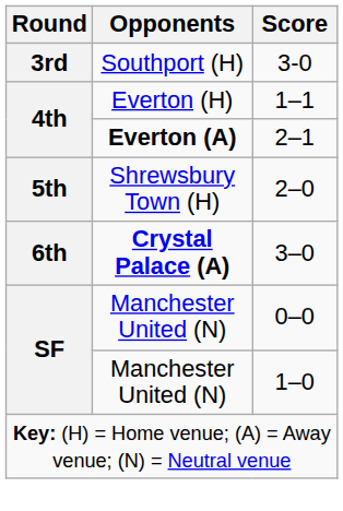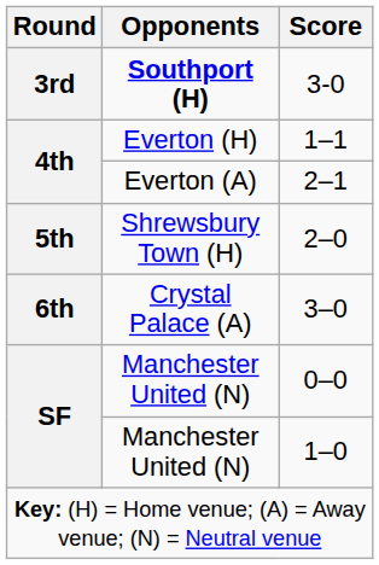 <table class="wikitable plainrowheaders" style="text-align:center;margin-left:1em;float:right">
 <tr>
 <th scope="col" style="width:25px">Round</th>
 <th scope="col" style="width:100px">Opponents</th>
 <th scope="col" style="width:50px">Score</th>
 </tr>
 <tr>
 <th scope=row style="text-align:center">3rd</th>
-<td><a href='#'>Southport</a> (H)</td>
+<td><strong><a href='#'>Southport</a> (H)</strong></td>
 <td>3-0</td>
 </tr>
 <tr>
 <th scope=row rowspan=2 style="text-align:center">4th</th>
 <td><a href='#'>Everton</a> (H)</td>
 <td>1–1</td>
 </tr>
 <tr>
-<td><strong>Everton (A)</strong></td>
+<td>Everton (A)</td>
 <td>2–1</td>
 </tr>
 <tr>
 <th scope=row style="text-align:center">5th</th>
 <td><a href='#'>Shrewsbury Town</a> (H)</td>
 <td>2–0</td>
 </tr>
 <tr>
 <th scope=row style="text-align:center">6th</th>
-<td><strong><a href='#'>Crystal Palace</a> (A)</strong></td>
+<td><a href='#'>Crystal Palace</a> (A)</td>
 <td>3–0</td>
 </tr>
 <tr>
 <th scope=row rowspan=2 style="text-align:center">SF</th>
 <td><a href='#'>Manchester United</a> (N)</td>
 <td>0–0</td>
 </tr>
 <tr>
 <td>Manchester United (N)</td>
 <td>1–0</td>
 </tr>
 <tr>
 <td colspan="3"><small><strong>Key:</strong> (H) = Home venue; (A) = Away venue; (N) = <a href='#'>Neutral venue</a></small></td>
 </tr>
 </table>
